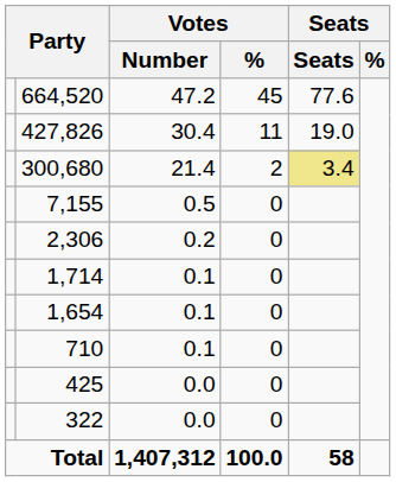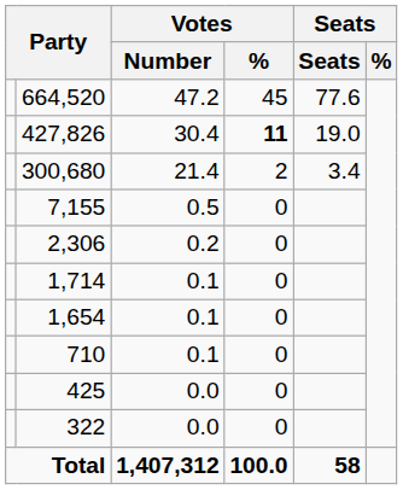 <table class="wikitable sortable" style="text-align:right;" style="font-size:95%">
 <tr>
 <th style="vertical-align:center;" rowspan="2" colspan="2">Party</th>
 <th style="text-align:center;" colspan="2">Votes</th>
 <th style="text-align:center;" colspan="2">Seats</th>
 </tr>
 <tr style="text-align: right">
 <th align=center>Number</th>
 <th align=center>%</th>
 <th align=center>Seats</th>
 <th align=center>%</th>
 </tr>
 <tr style="text-align: right">
 <td></td>
 <td>664,520</td>
 <td>47.2</td>
 <td>45</td>
 <td>77.6</td>
 </tr>
 <tr style="text-align: right">
 <td></td>
 <td>427,826</td>
 <td>30.4</td>
-<td>11</td>
+<td><strong>11</strong></td>
 <td>19.0</td>
 </tr>
 <tr style="text-align: right">
 <td></td>
 <td>300,680</td>
 <td>21.4</td>
 <td>2</td>
-<td style="background: khaki;">3.4</td>
+<td>3.4</td>
 </tr>
 <tr style="text-align: right">
 <td></td>
 <td>7,155</td>
 <td>0.5</td>
 <td>0</td>
 <td></td>
 </tr>
 <tr style="text-align: right">
 <td></td>
 <td>2,306</td>
 <td>0.2</td>
 <td>0</td>
 <td></td>
 </tr>
 <tr style="text-align: right">
 <td></td>
 <td>1,714</td>
 <td>0.1</td>
 <td>0</td>
 <td></td>
 </tr>
 <tr style="text-align: right">
 <td></td>
 <td>1,654</td>
 <td>0.1</td>
 <td>0</td>
 <td></td>
 </tr>
 <tr style="text-align: right">
 <td></td>
 <td>710</td>
 <td>0.1</td>
 <td>0</td>
 <td></td>
 </tr>
 <tr style="text-align: right">
 <td></td>
 <td>425</td>
 <td>0.0</td>
 <td>0</td>
 <td></td>
 </tr>
 <tr style="text-align: right">
 <td></td>
 <td>322</td>
 <td>0.0</td>
 <td>0</td>
 <td></td>
 </tr>
 <tr style="text-align: right">
 <td colspan="2"><strong>Total</strong></td>
 <td><strong>1,407,312</strong></td>
 <td><strong>100.0</strong></td>
 <td><strong>58</strong></td>
 <td></td>
 </tr>
 </table>
